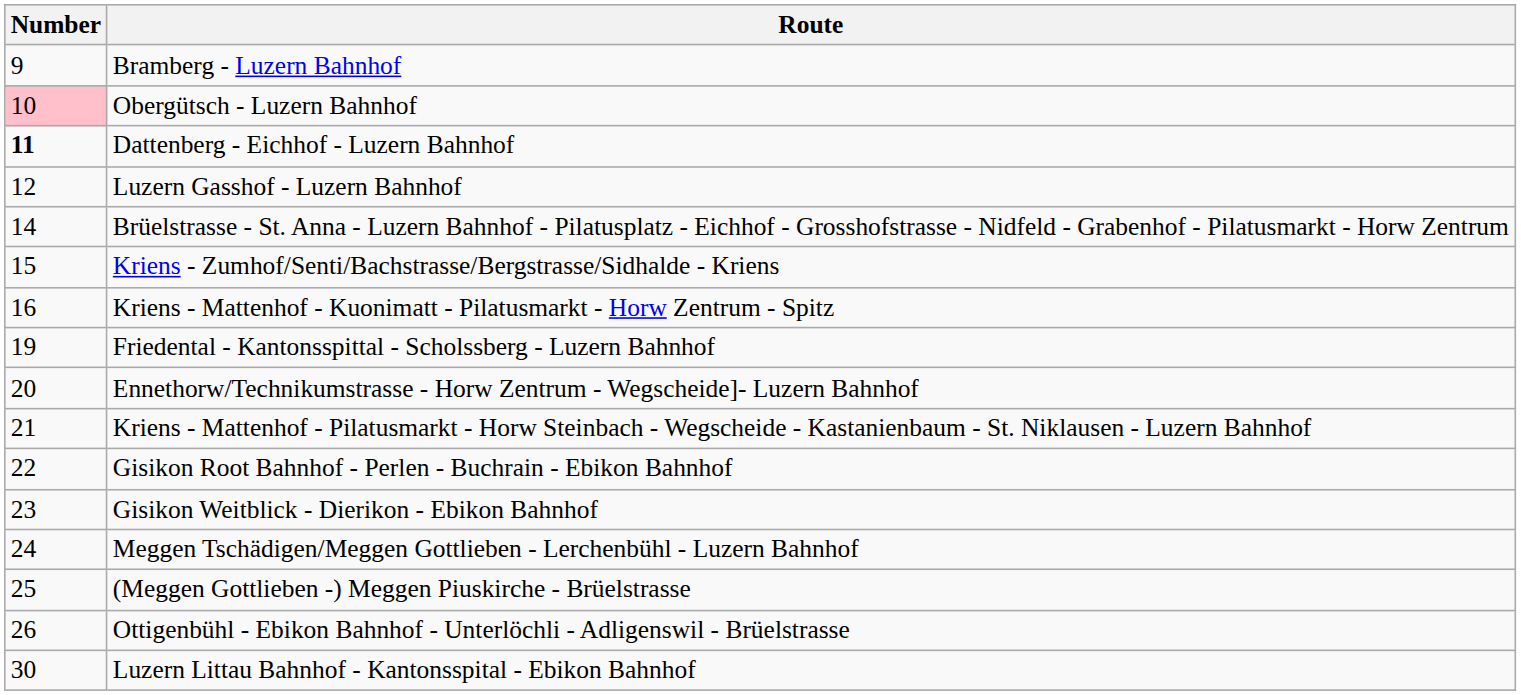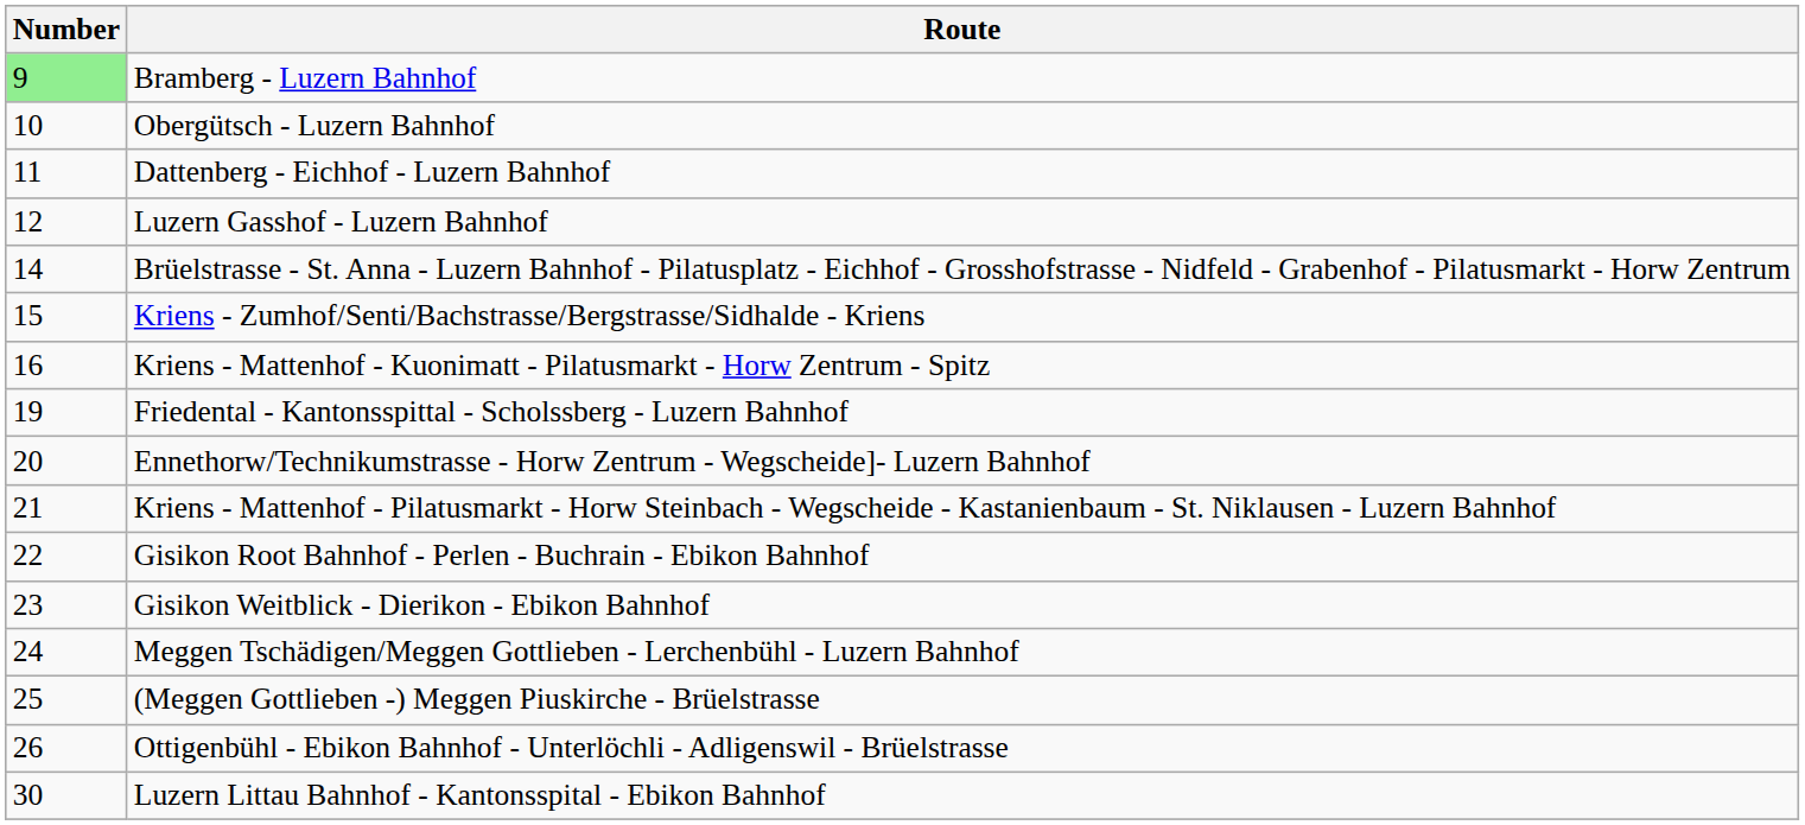 <table class="wikitable">
 <tr>
 <th>Number</th>
 <th>Route</th>
 </tr>
 <tr>
-<td>9</td>
+<td style="background: lightgreen;">9</td>
 <td>Bramberg - <a href='#'>Luzern Bahnhof</a></td>
 </tr>
 <tr>
-<td style="background: pink;">10</td>
+<td>10</td>
 <td>Obergütsch - Luzern Bahnhof</td>
 </tr>
 <tr>
-<td><strong>11</strong></td>
+<td>11</td>
 <td>Dattenberg - Eichhof - Luzern Bahnhof</td>
 </tr>
 <tr>
 <td>12</td>
 <td>Luzern Gasshof - Luzern Bahnhof</td>
 </tr>
 <tr>
 <td>14</td>
 <td>Brüelstrasse - St. Anna - Luzern Bahnhof - Pilatusplatz - Eichhof - Grosshofstrasse - Nidfeld - Grabenhof - Pilatusmarkt - Horw Zentrum</td>
 </tr>
 <tr>
 <td>15</td>
 <td><a href='#'>Kriens</a> - Zumhof/Senti/Bachstrasse/Bergstrasse/Sidhalde - Kriens</td>
 </tr>
 <tr>
 <td>16</td>
 <td>Kriens - Mattenhof - Kuonimatt - Pilatusmarkt - <a href='#'>Horw</a> Zentrum - Spitz</td>
 </tr>
 <tr>
 <td>19</td>
 <td>Friedental - Kantonsspittal - Scholssberg - Luzern Bahnhof</td>
 </tr>
 <tr>
 <td>20</td>
 <td>Ennethorw/Technikumstrasse - Horw Zentrum - Wegscheide]- Luzern Bahnhof</td>
 </tr>
 <tr>
 <td>21</td>
 <td>Kriens - Mattenhof - Pilatusmarkt - Horw Steinbach - Wegscheide - Kastanienbaum - St. Niklausen - Luzern Bahnhof</td>
 </tr>
 <tr>
 <td>22</td>
 <td>Gisikon Root Bahnhof - Perlen - Buchrain - Ebikon Bahnhof</td>
 </tr>
 <tr>
 <td>23</td>
 <td>Gisikon Weitblick - Dierikon - Ebikon Bahnhof</td>
 </tr>
 <tr>
 <td>24</td>
 <td>Meggen Tschädigen/Meggen Gottlieben - Lerchenbühl - Luzern Bahnhof</td>
 </tr>
 <tr>
 <td>25</td>
 <td>(Meggen Gottlieben -) Meggen Piuskirche - Brüelstrasse</td>
 </tr>
 <tr>
 <td>26</td>
 <td>Ottigenbühl - Ebikon Bahnhof - Unterlöchli - Adligenswil - Brüelstrasse</td>
 </tr>
 <tr>
 <td>30</td>
 <td>Luzern Littau Bahnhof - Kantonsspital - Ebikon Bahnhof</td>
 </tr>
 </table>
